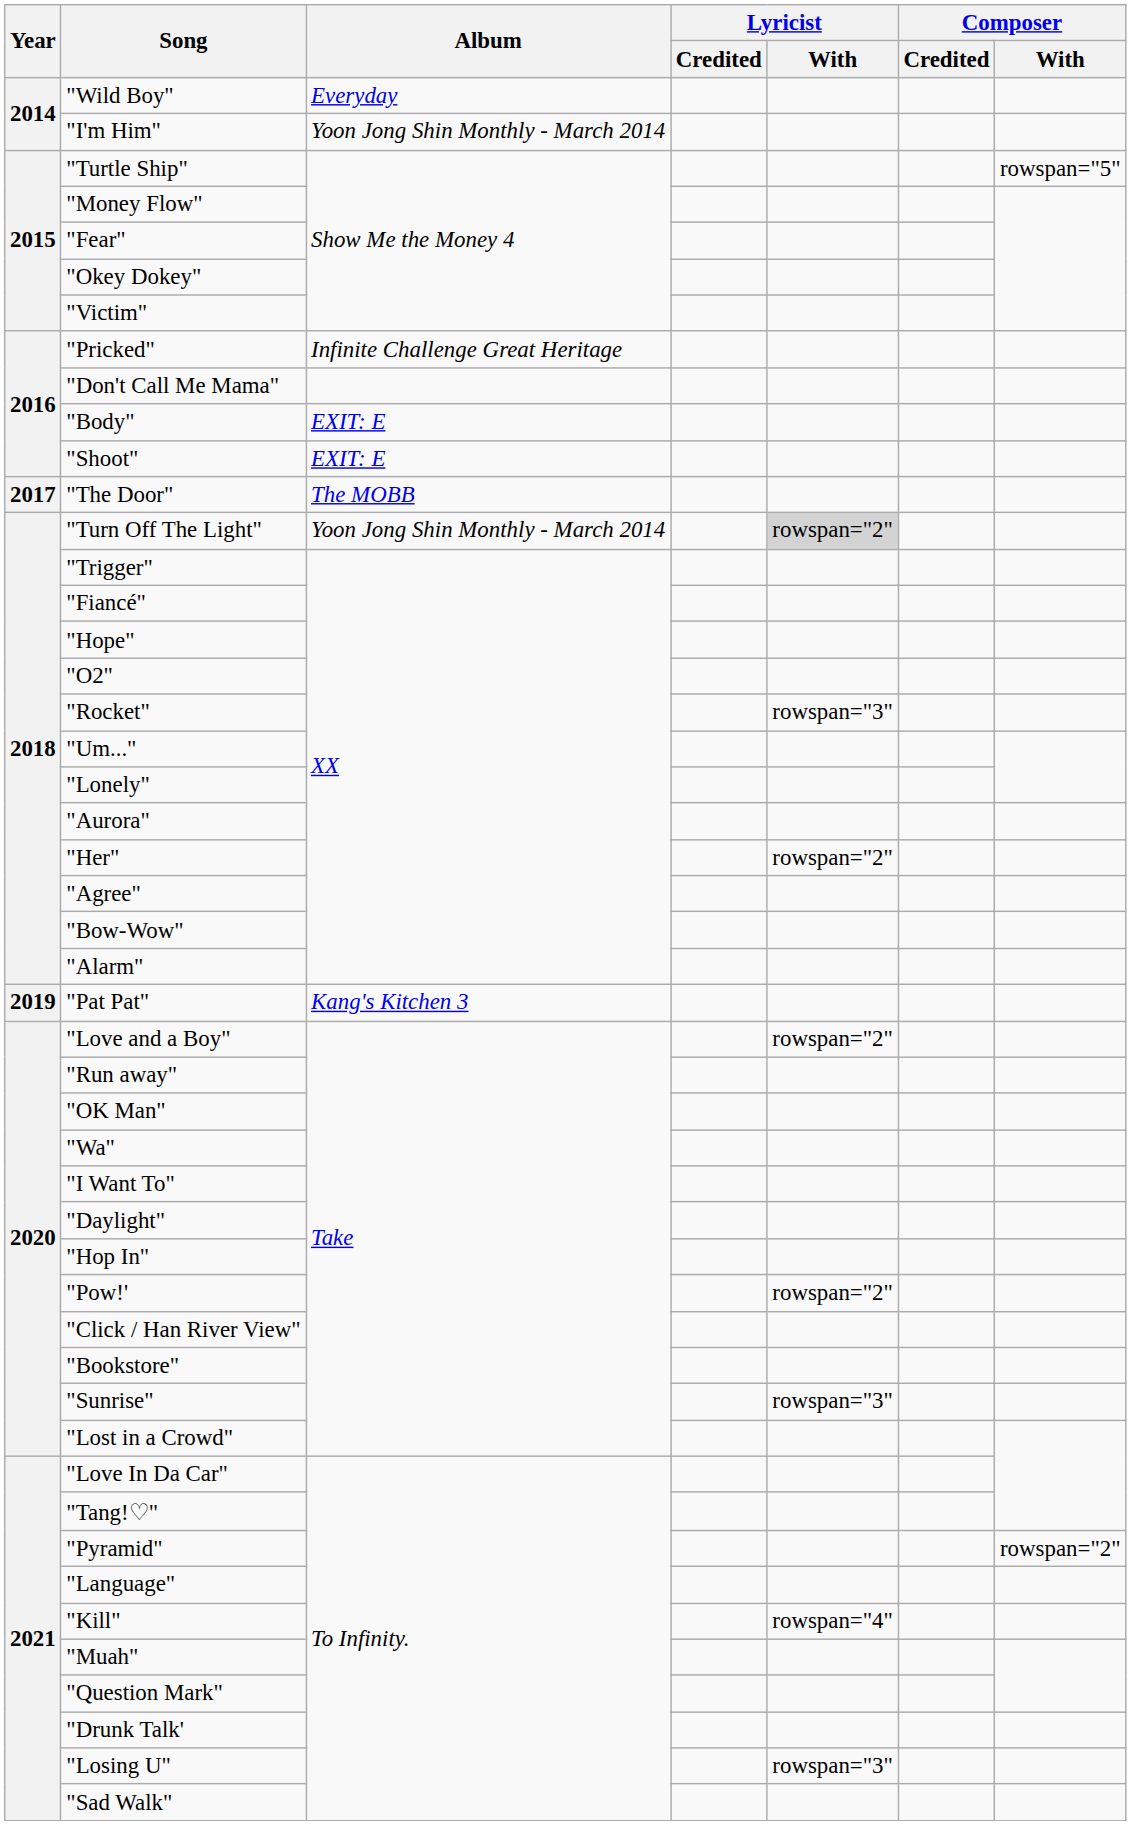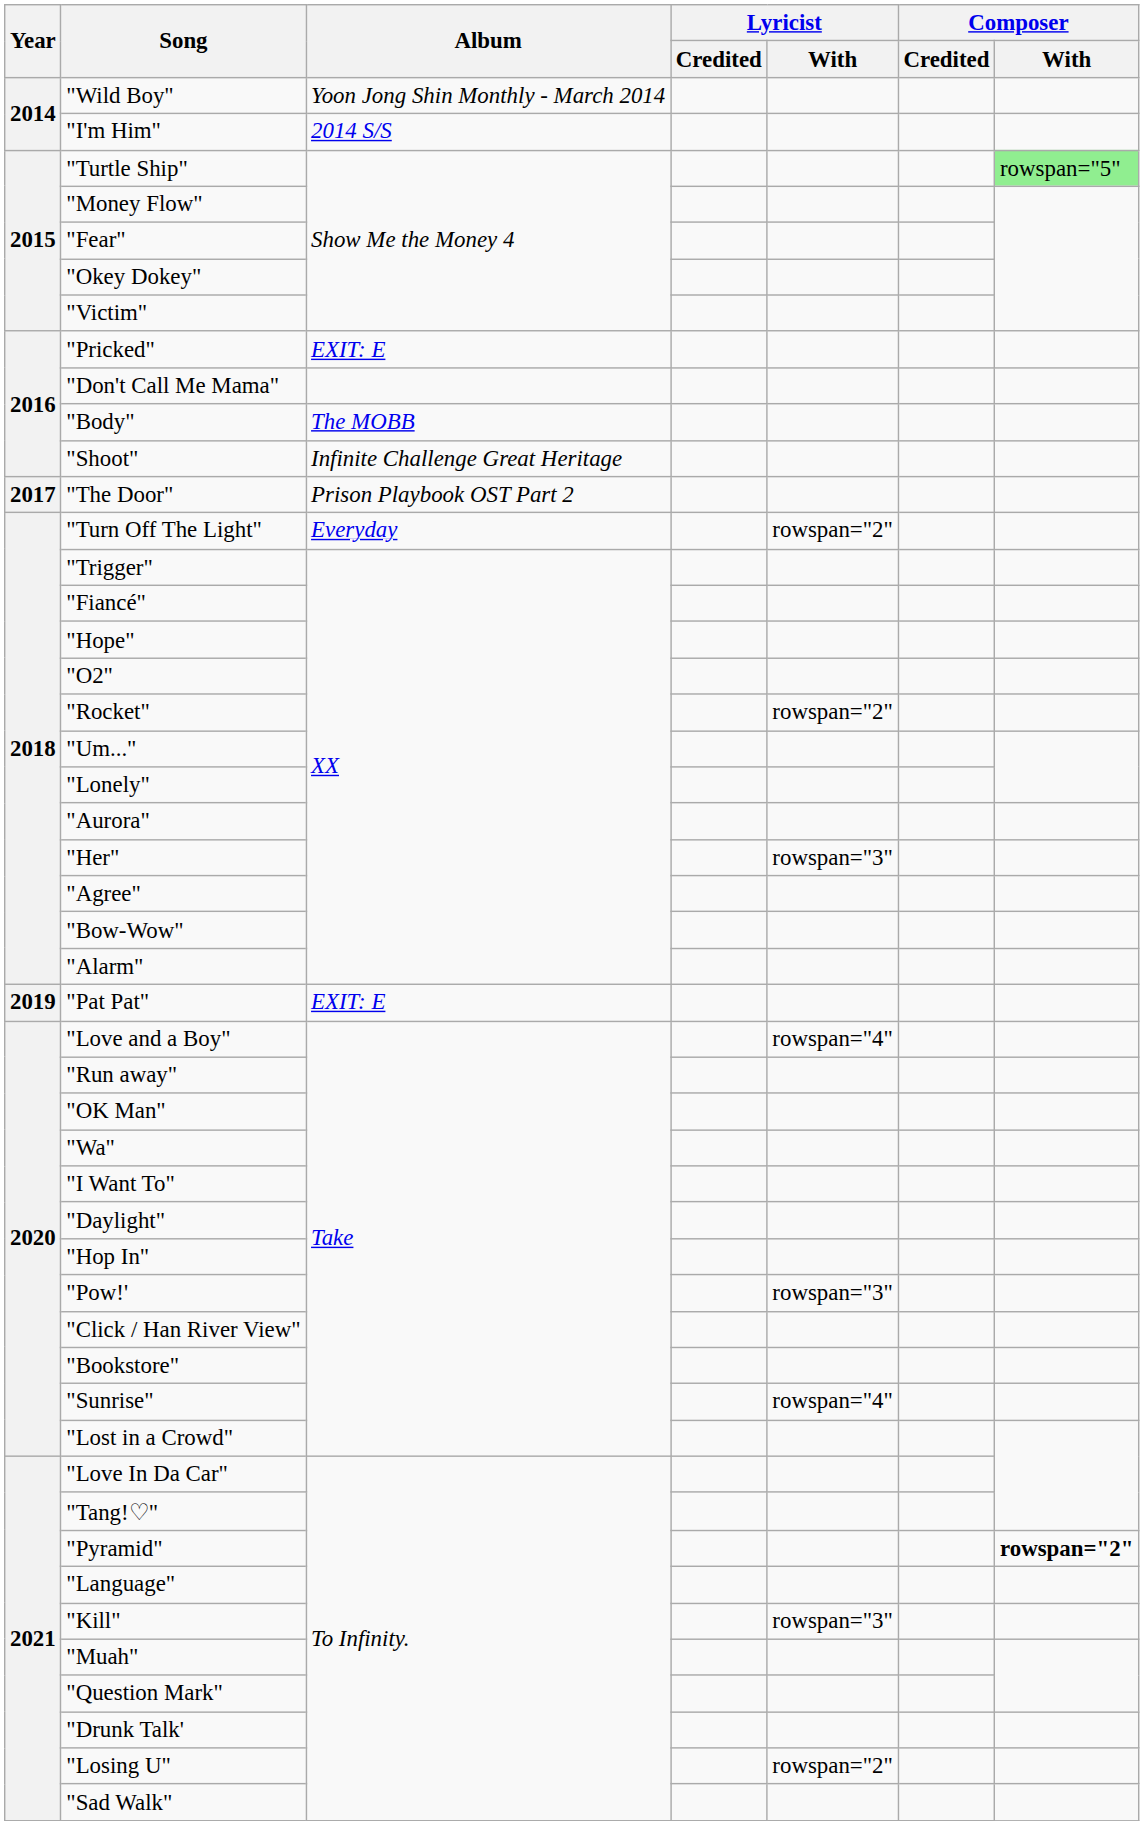 <table class="wikitable sortable plainrowheaders">
 <tr>
 <th rowspan="2">Year</th>
 <th rowspan="2">Song</th>
 <th rowspan="2">Album</th>
 <th colspan="2"><a href='#'>Lyricist</a></th>
 <th colspan="2"><a href='#'>Composer</a></th>
 </tr>
 <tr>
 <th>Credited</th>
 <th>With</th>
 <th>Credited</th>
 <th>With</th>
 </tr>
 <tr>
 <th scope="row" rowspan="2">2014</th>
 <td>"Wild Boy"</td>
-<td><em><a href='#'>Everyday</a></em></td>
+<td><em>Yoon Jong Shin Monthly - March 2014</em></td>
 <td></td>
 <td style="text-align:center"></td>
 <td></td>
 <td></td>
 </tr>
 <tr>
 <td>"I'm Him" </td>
-<td><em>Yoon Jong Shin Monthly - March 2014</em></td>
+<td><em><a href='#'>2014 S/S</a></em></td>
 <td></td>
 <td></td>
 <td></td>
 <td style="text-align:center"></td>
 </tr>
 <tr>
 <th scope="row" rowspan="5">2015</th>
 <td>"Turtle Ship" </td>
 <td rowspan="5"><em>Show Me the Money 4</em></td>
 <td></td>
 <td style="text-align:center"></td>
 <td></td>
-<td>rowspan="5" </td>
+<td style="background: lightgreen;">rowspan="5" </td>
 </tr>
 <tr>
 <td>"Money Flow" </td>
 <td></td>
 <td style="text-align:center"></td>
 <td></td>
 </tr>
 <tr>
 <td>"Fear" </td>
 <td></td>
 <td style="text-align:center"></td>
 <td></td>
 </tr>
 <tr>
 <td>"Okey Dokey"</td>
 <td></td>
 <td style="text-align:center"></td>
 <td></td>
 </tr>
 <tr>
 <td>"Victim" </td>
 <td></td>
 <td style="text-align:center"></td>
 <td></td>
 </tr>
 <tr>
 <th scope="row" rowspan="4">2016</th>
 <td>"Pricked"</td>
-<td><em>Infinite Challenge Great Heritage</em></td>
+<td><em><a href='#'>EXIT: E</a></em></td>
 <td></td>
 <td></td>
 <td></td>
 <td style="text-align:center"></td>
 </tr>
 <tr>
 <td>"Don't Call Me Mama"</td>
 <td></td>
 <td></td>
 <td style="text-align:center"></td>
 <td></td>
 <td style="text-align:center"></td>
 </tr>
 <tr>
 <td>"Body"</td>
-<td><em><a href='#'>EXIT: E</a></em></td>
+<td><em><a href='#'>The MOBB</a></em></td>
 <td></td>
 <td style="text-align:center"></td>
 <td></td>
 <td style="text-align:center"></td>
 </tr>
 <tr>
 <td>"Shoot" </td>
-<td><em><a href='#'>EXIT: E</a></em></td>
+<td><em>Infinite Challenge Great Heritage</em></td>
 <td></td>
 <td></td>
 <td></td>
 <td style="text-align:center"></td>
 </tr>
 <tr>
 <th scope="row">2017</th>
 <td>"The Door" </td>
-<td><em><a href='#'>The MOBB</a></em></td>
+<td><em>Prison Playbook OST Part 2</em></td>
 <td></td>
 <td style="text-align:center"></td>
 <td></td>
 <td></td>
 </tr>
 <tr>
 <th scope="row" rowspan="13">2018</th>
 <td>"Turn Off The Light"</td>
-<td><em>Yoon Jong Shin Monthly - March 2014</em></td>
+<td><em><a href='#'>Everyday</a></em></td>
 <td></td>
-<td style="background: lightgrey;">rowspan="2" </td>
+<td>rowspan="2" </td>
 <td></td>
 <td style="text-align:center"></td>
 </tr>
 <tr>
 <td>"Trigger" </td>
 <td rowspan="12"><em><a href='#'>XX</a></em></td>
 <td></td>
 <td></td>
 <td style="text-align:center"></td>
 </tr>
 <tr>
 <td>"Fiancé" </td>
 <td></td>
 <td style="text-align:center"></td>
 <td></td>
 <td style="text-align:center"></td>
 </tr>
 <tr>
 <td>"Hope"</td>
 <td></td>
 <td style="text-align:center"></td>
 <td></td>
 <td style="text-align:center"></td>
 </tr>
 <tr>
 <td>"O2" </td>
 <td></td>
 <td style="text-align:center"></td>
 <td></td>
 <td style="text-align:center"></td>
 </tr>
 <tr>
 <td>"Rocket" </td>
 <td></td>
-<td>rowspan="3" </td>
+<td>rowspan="2" </td>
 <td></td>
 <td style="text-align:center"></td>
 </tr>
 <tr>
 <td>"Um..." </td>
 <td></td>
 <td></td>
 <td style="text-align:center"></td>
 </tr>
 <tr>
 <td>"Lonely" </td>
 <td></td>
 <td></td>
 <td style="text-align:center"></td>
 </tr>
 <tr>
 <td>"Aurora" </td>
 <td></td>
 <td style="text-align:center"></td>
 <td></td>
 <td style="text-align:center"></td>
 </tr>
 <tr>
 <td>"Her" </td>
 <td></td>
-<td>rowspan="2" </td>
+<td>rowspan="3" </td>
 <td></td>
 <td style="text-align:center"></td>
 </tr>
 <tr>
 <td>"Agree" </td>
 <td></td>
 <td></td>
 <td style="text-align:center"></td>
 </tr>
 <tr>
 <td>"Bow-Wow" </td>
 <td></td>
 <td style="text-align:center"></td>
 <td></td>
 <td style="text-align:center"></td>
 </tr>
 <tr>
 <td>"Alarm" </td>
 <td></td>
 <td></td>
 <td></td>
 <td style="text-align:center"></td>
 </tr>
 <tr>
 <th scope="row">2019</th>
 <td>"Pat Pat" </td>
-<td><em><a href='#'>Kang's Kitchen 3</a></em></td>
+<td><em><a href='#'>EXIT: E</a></em></td>
 <td></td>
 <td style="text-align:center"></td>
 <td></td>
 <td style="text-align:center"></td>
 </tr>
 <tr>
 <th scope="row" rowspan="12">2020</th>
 <td>"Love and a Boy"</td>
 <td rowspan="12"><em><a href='#'>Take</a></em></td>
 <td></td>
-<td>rowspan="2" </td>
+<td>rowspan="4" </td>
 <td></td>
 <td></td>
 </tr>
 <tr>
 <td>"Run away" </td>
 <td></td>
 <td></td>
 <td style="text-align:center"></td>
 </tr>
 <tr>
 <td>"OK Man"</td>
 <td></td>
 <td style="text-align:center"></td>
 <td></td>
 <td></td>
 </tr>
 <tr>
 <td>"Wa"</td>
 <td></td>
 <td style="text-align:center"></td>
 <td></td>
 <td style="text-align:center"></td>
 </tr>
 <tr>
 <td>"I Want To" </td>
 <td></td>
 <td style="text-align:center"></td>
 <td></td>
 <td style="text-align:center"></td>
 </tr>
 <tr>
 <td>"Daylight"</td>
 <td></td>
 <td></td>
 <td></td>
 <td style="text-align:center"></td>
 </tr>
 <tr>
 <td>"Hop In" </td>
 <td></td>
 <td style="text-align:center"></td>
 <td></td>
 <td style="text-align:center"></td>
 </tr>
 <tr>
 <td>"Pow!' </td>
 <td></td>
-<td>rowspan="2" </td>
+<td>rowspan="3" </td>
 <td></td>
 <td style="text-align:center"></td>
 </tr>
 <tr>
 <td>"Click / Han River View"</td>
 <td></td>
 <td></td>
 <td style="text-align:center"></td>
 </tr>
 <tr>
 <td>"Bookstore" </td>
 <td></td>
 <td style="text-align:center"></td>
 <td></td>
 <td style="text-align:center"></td>
 </tr>
 <tr>
 <td>"Sunrise"</td>
 <td></td>
-<td>rowspan="3" </td>
+<td>rowspan="4" </td>
 <td></td>
 <td></td>
 </tr>
 <tr>
 <td>"Lost in a Crowd" </td>
 <td></td>
 <td></td>
 <td style="text-align:center"></td>
 </tr>
 <tr>
 <th scope="row" rowspan="10">2021</th>
 <td>"Love In Da Car"</td>
 <td rowspan="10"><em>To Infinity.</em></td>
 <td></td>
 <td></td>
 <td></td>
 </tr>
 <tr>
 <td>"Tang!♡" </td>
 <td></td>
 <td></td>
 <td style="text-align:center"></td>
 </tr>
 <tr>
 <td>"Pyramid"</td>
 <td></td>
 <td style="text-align:center"></td>
 <td></td>
-<td>rowspan="2" </td>
+<td><strong>rowspan="2" </strong></td>
 </tr>
 <tr>
 <td>"Language" </td>
 <td></td>
 <td style="text-align:center"></td>
 <td></td>
 </tr>
 <tr>
 <td>"Kill"</td>
 <td></td>
-<td>rowspan="4" </td>
+<td>rowspan="3" </td>
 <td></td>
 <td style="text-align:center"></td>
 </tr>
 <tr>
 <td>"Muah" </td>
 <td></td>
 <td></td>
 <td style="text-align:center"></td>
 </tr>
 <tr>
 <td>"Question Mark" </td>
 <td></td>
 <td></td>
 <td style="text-align:center"></td>
 </tr>
 <tr>
 <td>"Drunk Talk' </td>
 <td></td>
 <td style="text-align:center"></td>
 <td></td>
 <td style="text-align:center"></td>
 </tr>
 <tr>
 <td>"Losing U"</td>
 <td></td>
-<td>rowspan="3" </td>
+<td>rowspan="2" </td>
 <td></td>
 <td style="text-align:center"></td>
 </tr>
 <tr>
 <td>"Sad Walk" </td>
 <td></td>
 <td></td>
 <td style="text-align:center"></td>
 </tr>
 <tr>
 </tr>
 </table>
